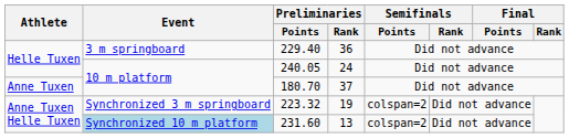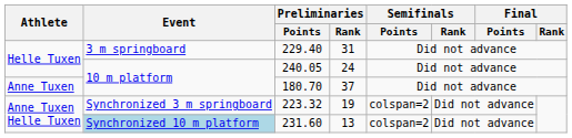 <table class=wikitable style="font-size:90%;">
 <tr>
 <th rowspan="2">Athlete</th>
 <th rowspan="2">Event</th>
 <th colspan="2">Preliminaries</th>
 <th colspan="2">Semifinals</th>
 <th colspan="2">Final</th>
 </tr>
 <tr style="font-size:95%">
 <th>Points</th>
 <th>Rank</th>
 <th>Points</th>
 <th>Rank</th>
 <th>Points</th>
 <th>Rank</th>
 </tr>
 <tr align=center>
 <td align=left rowspan=2><a href='#'>Helle Tuxen</a></td>
 <td align=left><a href='#'>3 m springboard</a></td>
 <td>229.40</td>
-<td>36</td>
+<td>31</td>
 <td colspan=4>Did not advance</td>
 </tr>
 <tr align=center>
 <td align=left rowspan=2><a href='#'>10 m platform</a></td>
 <td>240.05</td>
 <td>24</td>
 <td colspan=4>Did not advance</td>
 </tr>
 <tr align=center>
 <td align=left><a href='#'>Anne Tuxen</a></td>
 <td>180.70</td>
 <td>37</td>
 <td colspan=4>Did not advance</td>
 </tr>
 <tr align=center>
 <td align=left rowspan=2><a href='#'>Anne Tuxen</a><br><a href='#'>Helle Tuxen</a></td>
 <td align=left><a href='#'>Synchronized 3 m springboard</a></td>
 <td>223.32</td>
 <td>19</td>
 <td>colspan=2 </td>
 <td colspan=2>Did not advance</td>
 </tr>
 <tr align=center>
 <td align=left style="background: lightblue;"><a href='#'>Synchronized 10 m platform</a></td>
 <td>231.60</td>
 <td>13</td>
 <td>colspan=2 </td>
 <td colspan=2>Did not advance</td>
 </tr>
 </table>
